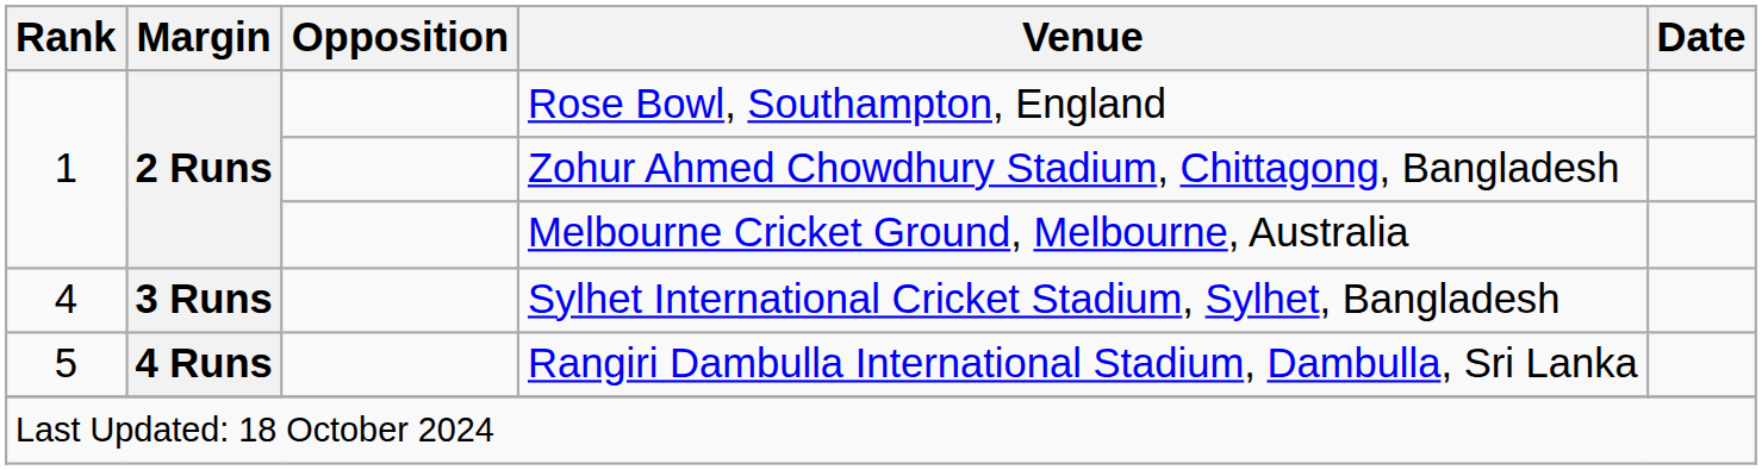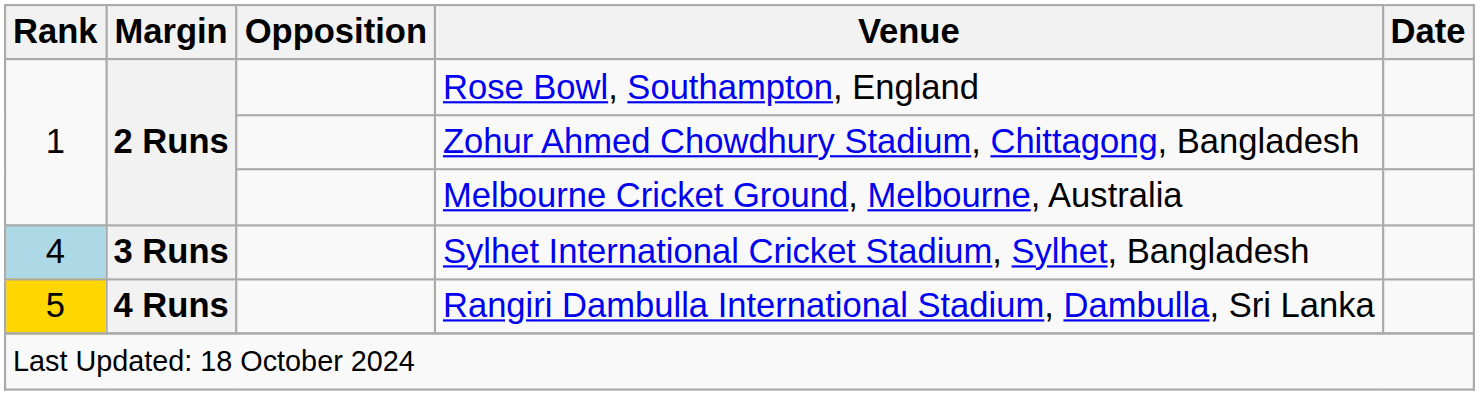 <table class="wikitable plainrowheaders sortable">
 <tr>
 <th scope=col>Rank</th>
 <th scope=col>Margin</th>
 <th scope=col>Opposition</th>
 <th scope=col>Venue</th>
 <th scope=col>Date</th>
 </tr>
 <tr>
 <td align=center rowspan=3>1</td>
 <th scope=row style=text-align:center rowspan=3>2 Runs</th>
 <td></td>
 <td><a href='#'>Rose Bowl</a>, <a href='#'>Southampton</a>, England</td>
 <td></td>
 </tr>
 <tr>
 <td></td>
 <td><a href='#'>Zohur Ahmed Chowdhury Stadium</a>, <a href='#'>Chittagong</a>, Bangladesh</td>
 <td></td>
 </tr>
 <tr>
 <td></td>
 <td><a href='#'>Melbourne Cricket Ground</a>, <a href='#'>Melbourne</a>, Australia</td>
 <td></td>
 </tr>
 <tr>
-<td align="center">4</td>
+<td align="center" style="background: lightblue;">4</td>
 <th scope="row" style="text-align:center">3 Runs</th>
 <td></td>
 <td><a href='#'>Sylhet International Cricket Stadium</a>, <a href='#'>Sylhet</a>, Bangladesh</td>
 <td></td>
 </tr>
 <tr>
-<td align="center">5</td>
+<td align="center" style="background: gold;">5</td>
 <th scope="row" style="text-align:center">4 Runs</th>
 <td></td>
 <td><a href='#'>Rangiri Dambulla International Stadium</a>, <a href='#'>Dambulla</a>, Sri Lanka</td>
 <td></td>
 </tr>
 <tr>
 </tr>
 <tr class=sortbottom>
 <td colspan=5><small>Last Updated: 18 October 2024</small></td>
 </tr>
 </table>
